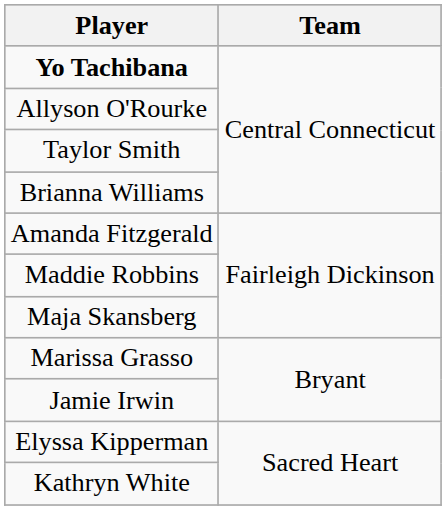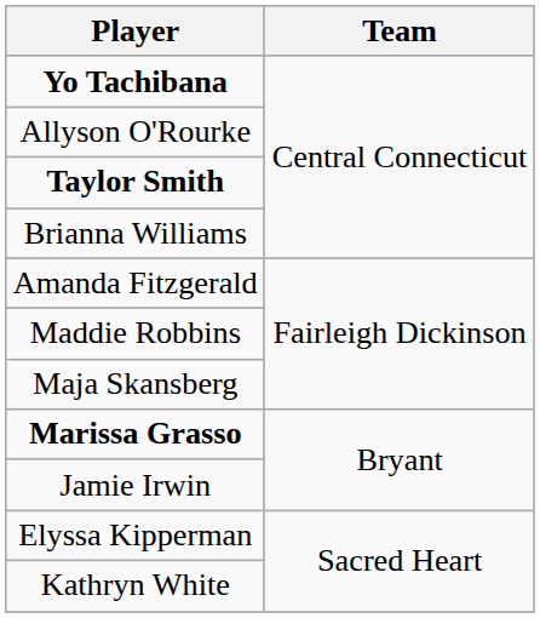 <table class="wikitable" style="text-align: center;">
 <tr>
 <th>Player</th>
 <th>Team</th>
 </tr>
 <tr>
 <td><strong>Yo Tachibana</strong></td>
 <td rowspan=4>Central Connecticut</td>
 </tr>
 <tr>
 <td>Allyson O'Rourke</td>
 </tr>
 <tr>
-<td>Taylor Smith</td>
+<td><strong>Taylor Smith</strong></td>
 </tr>
 <tr>
 <td>Brianna Williams</td>
 </tr>
 <tr>
 <td>Amanda Fitzgerald</td>
 <td rowspan=3>Fairleigh Dickinson</td>
 </tr>
 <tr>
 <td>Maddie Robbins</td>
 </tr>
 <tr>
 <td>Maja Skansberg</td>
 </tr>
 <tr>
-<td>Marissa Grasso</td>
+<td><strong>Marissa Grasso</strong></td>
 <td rowspan=2>Bryant</td>
 </tr>
 <tr>
 <td>Jamie Irwin</td>
 </tr>
 <tr>
 <td>Elyssa Kipperman</td>
 <td rowspan=2>Sacred Heart</td>
 </tr>
 <tr>
 <td>Kathryn White</td>
 </tr>
 </table>
